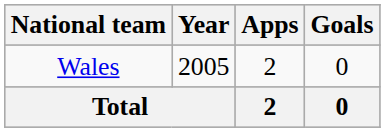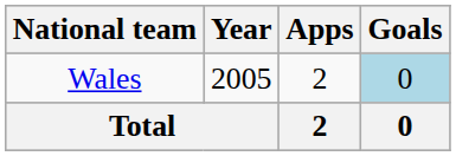 <table class="wikitable" style="text-align:center">
 <tr>
 <th>National team</th>
 <th>Year</th>
 <th>Apps</th>
 <th>Goals</th>
 </tr>
 <tr>
 <td><a href='#'>Wales</a></td>
 <td>2005</td>
 <td>2</td>
-<td>0</td>
+<td style="background: lightblue;">0</td>
 </tr>
 <tr>
 <th colspan=2>Total</th>
 <th>2</th>
 <th>0</th>
 </tr>
 </table>
